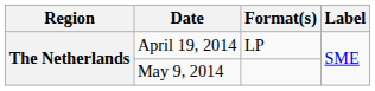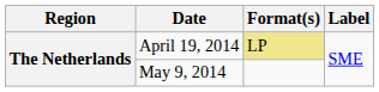 <table class="wikitable plainrowheaders">
 <tr>
 <th scope="col">Region</th>
 <th scope="col">Date</th>
 <th scope="col">Format(s)</th>
 <th scope="col">Label</th>
 </tr>
 <tr>
 <th scope="row" rowspan="2">The Netherlands</th>
 <td rowspan="1">April 19, 2014</td>
-<td rowspan="1">LP</td>
+<td rowspan="1" style="background: khaki;">LP</td>
 <td rowspan="2"><a href='#'>SME</a></td>
 </tr>
 <tr>
 <td rowspawn="1">May 9, 2014</td>
 <td rowspawn="1"></td>
 </tr>
 </table>
